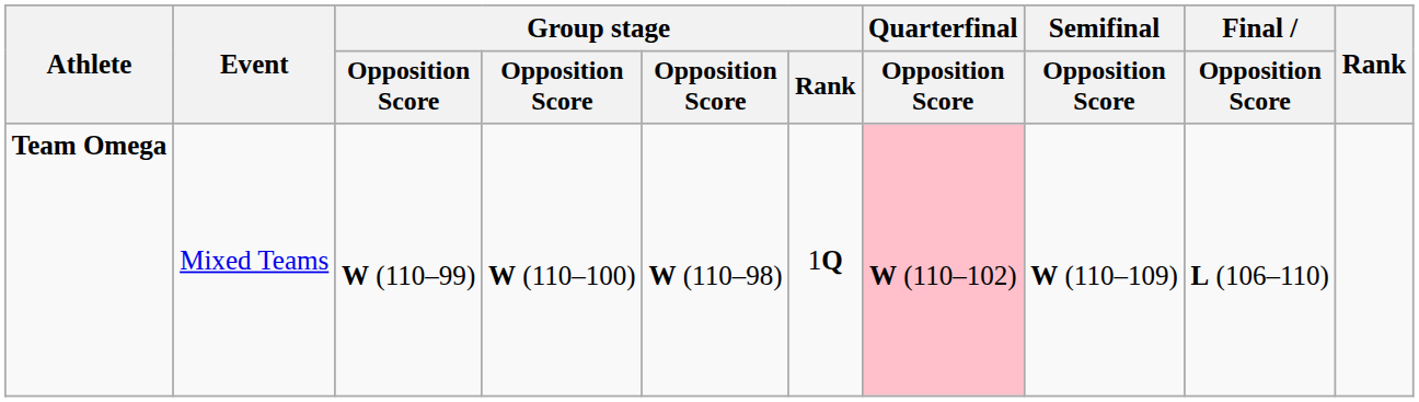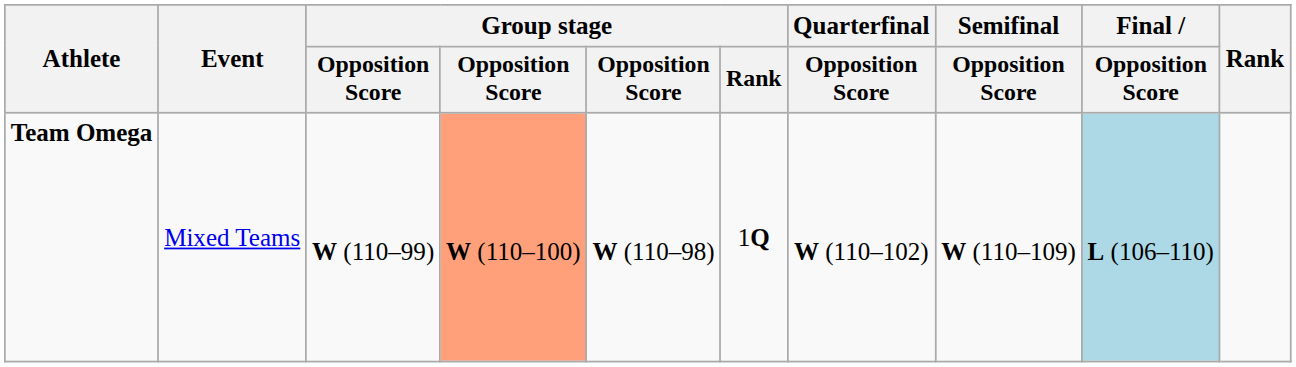 <table class="wikitable" style="font-size:90%">
 <tr>
 <th rowspan=2>Athlete</th>
 <th rowspan=2>Event</th>
 <th colspan=4>Group stage</th>
 <th>Quarterfinal</th>
 <th>Semifinal</th>
 <th>Final / </th>
 <th rowspan=2>Rank</th>
 </tr>
 <tr style="font-size:95%">
 <th>Opposition<br>Score</th>
 <th>Opposition<br>Score</th>
 <th>Opposition<br>Score</th>
 <th>Rank</th>
 <th>Opposition<br>Score</th>
 <th>Opposition<br>Score</th>
 <th>Opposition<br>Score</th>
 </tr>
 <tr align=center>
 <td align=left><strong>Team Omega</strong> <br><br><br><br><br><br><br><br></td>
 <td rowspan=2 align=left><a href='#'>Mixed Teams</a></td>
 <td><br><strong>W</strong> (110–99)</td>
-<td><br><strong>W</strong> (110–100)</td>
+<td style="background: lightsalmon;"><br><strong>W</strong> (110–100)</td>
 <td><br><strong>W</strong> (110–98)</td>
 <td>1<strong>Q</strong></td>
-<td style="background: pink;"><br><strong>W</strong> (110–102)</td>
+<td><br><strong>W</strong> (110–102)</td>
 <td><br><strong>W</strong> (110–109)</td>
-<td><br><strong>L</strong> (106–110)</td>
+<td style="background: lightblue;"><br><strong>L</strong> (106–110)</td>
 <td></td>
 </tr>
 </table>
